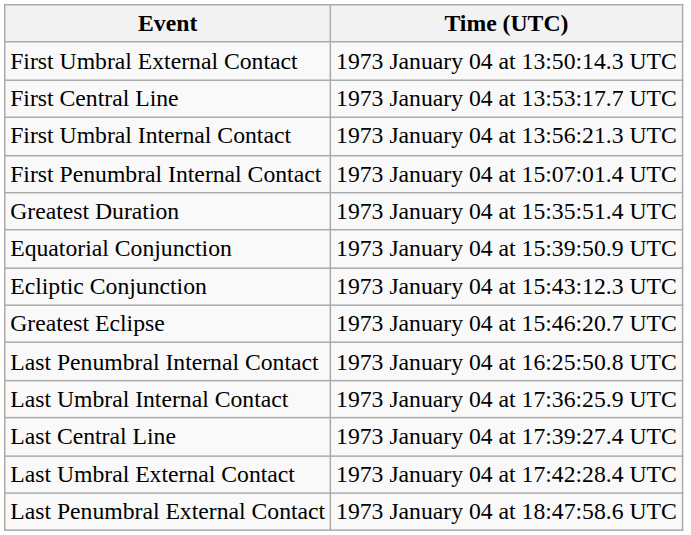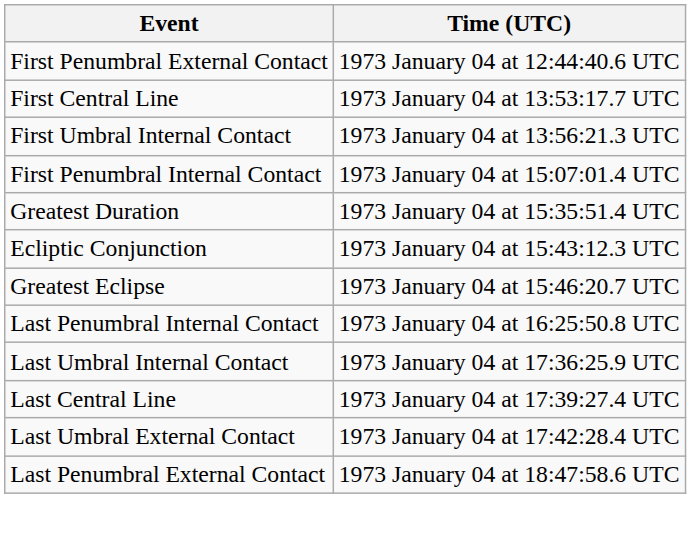 <table class="wikitable">
 <tr>
 <th>Event</th>
 <th>Time (UTC)</th>
 </tr>
 <tr>
-<td>First Umbral External Contact</td>
-<td>1973 January 04 at 13:50:14.3 UTC</td>
+<td>First Penumbral External Contact</td>
+<td>1973 January 04 at 12:44:40.6 UTC</td>
 </tr>
 <tr>
 <td>First Central Line</td>
 <td>1973 January 04 at 13:53:17.7 UTC</td>
 </tr>
 <tr>
 <td>First Umbral Internal Contact</td>
 <td>1973 January 04 at 13:56:21.3 UTC</td>
 </tr>
 <tr>
 <td>First Penumbral Internal Contact</td>
 <td>1973 January 04 at 15:07:01.4 UTC</td>
 </tr>
 <tr>
 <td>Greatest Duration</td>
 <td>1973 January 04 at 15:35:51.4 UTC</td>
-</tr>
-<tr>
-<td>Equatorial Conjunction</td>
-<td>1973 January 04 at 15:39:50.9 UTC</td>
 </tr>
 <tr>
 <td>Ecliptic Conjunction</td>
 <td>1973 January 04 at 15:43:12.3 UTC</td>
 </tr>
 <tr>
 <td>Greatest Eclipse</td>
 <td>1973 January 04 at 15:46:20.7 UTC</td>
 </tr>
 <tr>
 <td>Last Penumbral Internal Contact</td>
 <td>1973 January 04 at 16:25:50.8 UTC</td>
 </tr>
 <tr>
 <td>Last Umbral Internal Contact</td>
 <td>1973 January 04 at 17:36:25.9 UTC</td>
 </tr>
 <tr>
 <td>Last Central Line</td>
 <td>1973 January 04 at 17:39:27.4 UTC</td>
 </tr>
 <tr>
 <td>Last Umbral External Contact</td>
 <td>1973 January 04 at 17:42:28.4 UTC</td>
 </tr>
 <tr>
 <td>Last Penumbral External Contact</td>
 <td>1973 January 04 at 18:47:58.6 UTC</td>
 </tr>
 </table>
